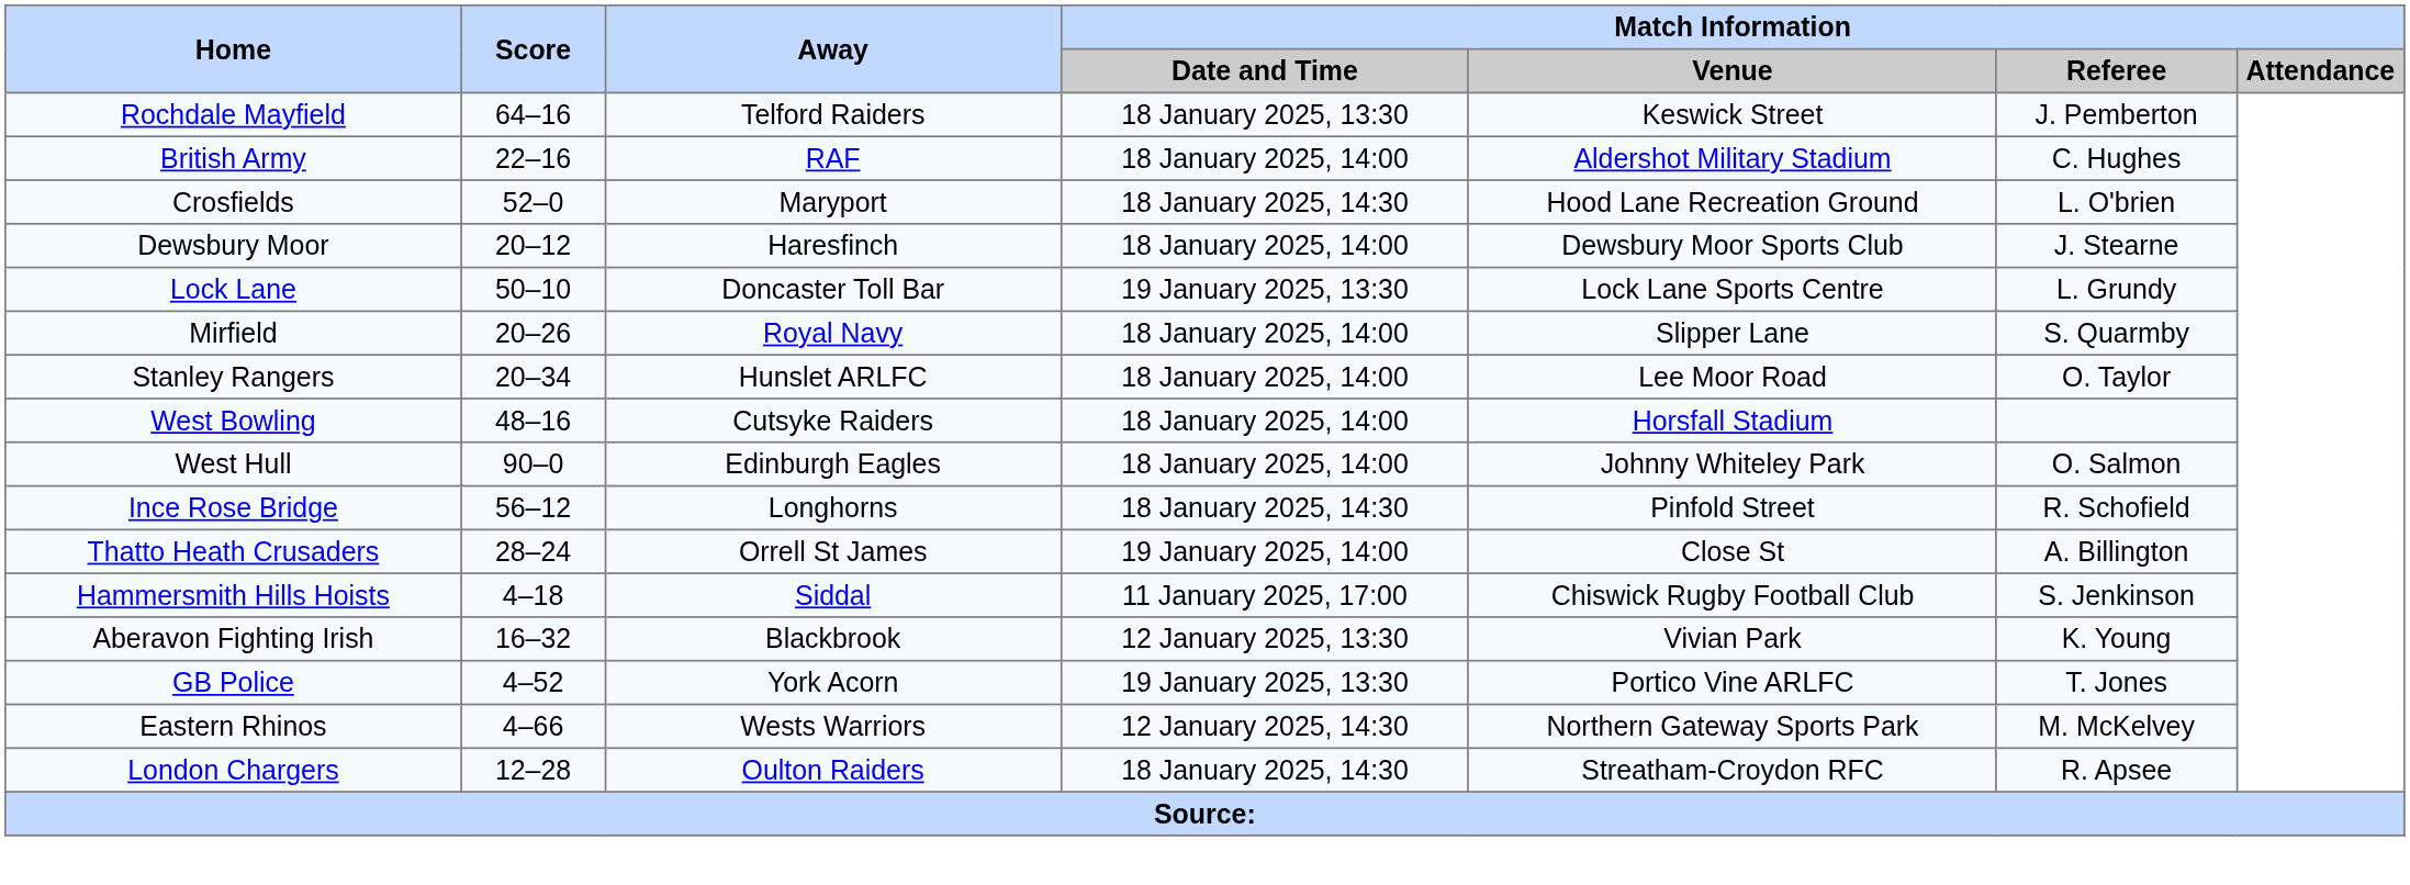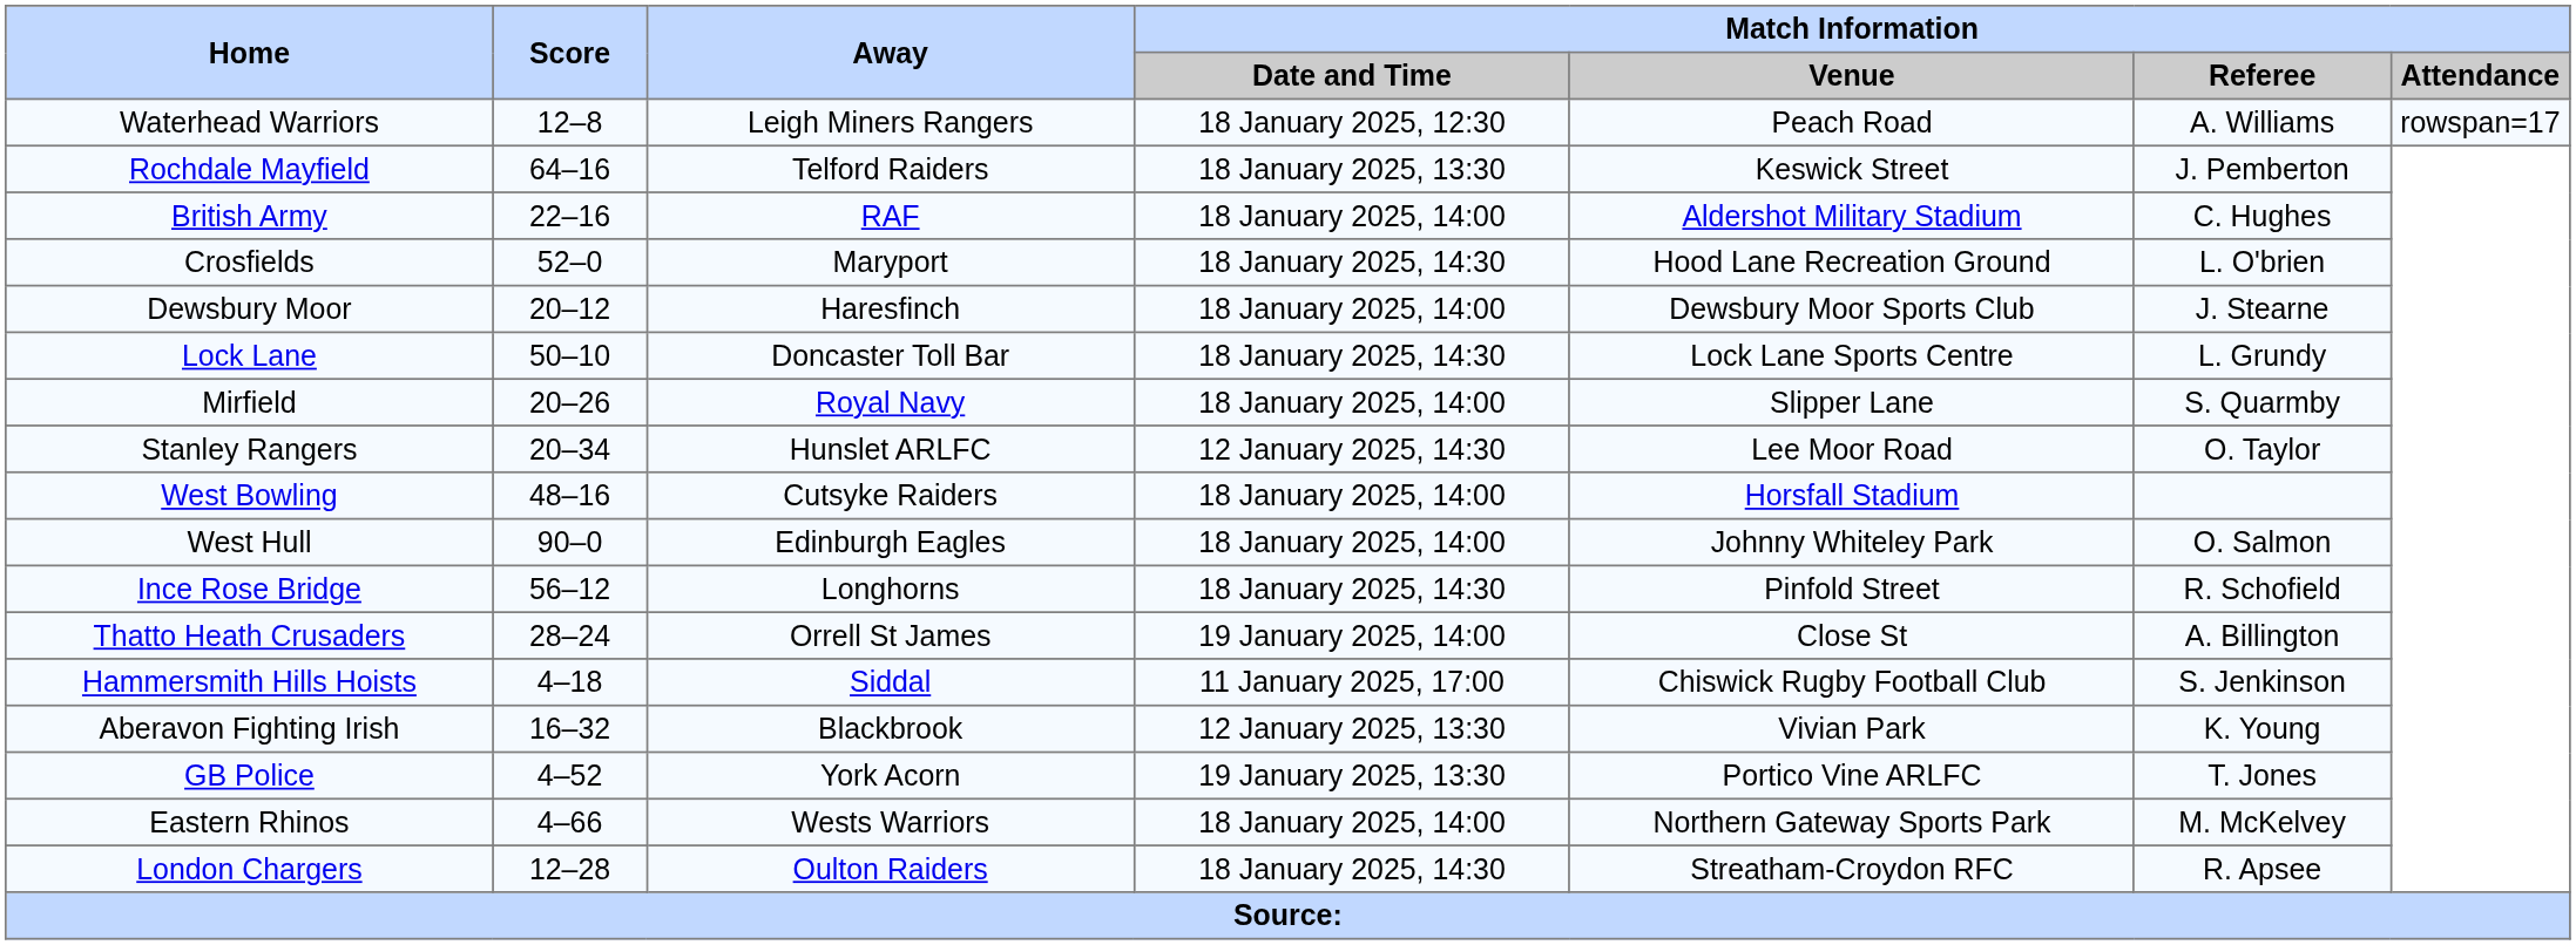 <table border=1 style="border-collapse:collapse; font-size:90%; text-align:center"; cellpadding=3 cellspacing=0 width=100%>
 <tr bgcolor="#c1d8ff">
 <th rowspan=2 width=19%>Home</th>
 <th rowspan=2 width=6%>Score</th>
 <th rowspan=2 width=19%>Away</th>
 <th colspan=4>Match Information</th>
 </tr>
 <tr bgcolor="#cccccc">
 <th width=17%>Date and Time</th>
 <th width=22%>Venue</th>
 <th width=10%>Referee</th>
 <th width=7%>Attendance</th>
+</tr>
+<tr bgcolor=#f5faff>
+<td>Waterhead Warriors</td>
+<td>12–8</td>
+<td>Leigh Miners Rangers</td>
+<td>18 January 2025, 12:30</td>
+<td>Peach Road</td>
+<td>A. Williams</td>
+<td>rowspan=17 </td>
 </tr>
 <tr bgcolor=#f5faff>
 <td><a href='#'>Rochdale Mayfield</a></td>
 <td>64–16</td>
 <td>Telford Raiders</td>
 <td>18 January 2025, 13:30</td>
 <td>Keswick Street</td>
 <td>J. Pemberton</td>
 </tr>
 <tr bgcolor=#f5faff>
 <td><a href='#'>British Army</a></td>
 <td>22–16</td>
 <td><a href='#'>RAF</a></td>
 <td>18 January 2025, 14:00</td>
 <td><a href='#'>Aldershot Military Stadium</a></td>
 <td>C. Hughes</td>
 </tr>
 <tr bgcolor=#f5faff>
 <td>Crosfields</td>
 <td>52–0</td>
 <td>Maryport</td>
 <td>18 January 2025, 14:30</td>
 <td>Hood Lane Recreation Ground</td>
 <td>L. O'brien</td>
 </tr>
 <tr bgcolor=#f5faff>
 <td>Dewsbury Moor</td>
 <td>20–12</td>
 <td>Haresfinch</td>
 <td>18 January 2025, 14:00</td>
 <td>Dewsbury Moor Sports Club</td>
 <td>J. Stearne</td>
 </tr>
 <tr bgcolor=#f5faff>
 <td><a href='#'>Lock Lane</a></td>
 <td>50–10</td>
 <td>Doncaster Toll Bar</td>
-<td>19 January 2025, 13:30</td>
+<td>18 January 2025, 14:30</td>
 <td>Lock Lane Sports Centre</td>
 <td>L. Grundy</td>
 </tr>
 <tr bgcolor=#f5faff>
 <td>Mirfield</td>
 <td>20–26</td>
 <td><a href='#'>Royal Navy</a></td>
 <td>18 January 2025, 14:00</td>
 <td>Slipper Lane</td>
 <td>S. Quarmby</td>
 </tr>
 <tr bgcolor=#f5faff>
 <td>Stanley Rangers</td>
 <td>20–34</td>
 <td>Hunslet ARLFC</td>
-<td>18 January 2025, 14:00</td>
+<td>12 January 2025, 14:30</td>
 <td>Lee Moor Road</td>
 <td>O. Taylor</td>
 </tr>
 <tr bgcolor=#f5faff>
 <td><a href='#'>West Bowling</a></td>
 <td>48–16</td>
 <td>Cutsyke Raiders</td>
 <td>18 January 2025, 14:00</td>
 <td><a href='#'>Horsfall Stadium</a></td>
 <td></td>
 </tr>
 <tr bgcolor=#f5faff>
 <td>West Hull</td>
 <td>90–0</td>
 <td>Edinburgh Eagles</td>
 <td>18 January 2025, 14:00</td>
 <td>Johnny Whiteley Park</td>
 <td>O. Salmon</td>
 </tr>
 <tr bgcolor=#f5faff>
 <td><a href='#'>Ince Rose Bridge</a></td>
 <td>56–12</td>
 <td>Longhorns</td>
 <td>18 January 2025, 14:30</td>
 <td>Pinfold Street</td>
 <td>R. Schofield</td>
 </tr>
 <tr bgcolor=#f5faff>
 <td><a href='#'>Thatto Heath Crusaders</a></td>
 <td>28–24</td>
 <td>Orrell St James</td>
 <td>19 January 2025, 14:00</td>
 <td>Close St</td>
 <td>A. Billington</td>
 </tr>
 <tr bgcolor=#f5faff>
 <td><a href='#'>Hammersmith Hills Hoists</a></td>
 <td>4–18</td>
 <td><a href='#'>Siddal</a></td>
 <td>11 January 2025, 17:00</td>
 <td>Chiswick Rugby Football Club</td>
 <td>S. Jenkinson</td>
 </tr>
 <tr bgcolor=#f5faff>
 <td>Aberavon Fighting Irish</td>
 <td>16–32</td>
 <td>Blackbrook</td>
 <td>12 January 2025, 13:30</td>
 <td>Vivian Park</td>
 <td>K. Young</td>
 </tr>
 <tr bgcolor=#f5faff>
 <td><a href='#'>GB Police</a></td>
 <td>4–52</td>
 <td>York Acorn</td>
 <td>19 January 2025, 13:30</td>
 <td>Portico Vine ARLFC</td>
 <td>T. Jones</td>
 </tr>
 <tr bgcolor=#f5faff>
 <td>Eastern Rhinos</td>
 <td>4–66</td>
 <td>Wests Warriors</td>
-<td>12 January 2025, 14:30</td>
+<td>18 January 2025, 14:00</td>
 <td>Northern Gateway Sports Park</td>
 <td>M. McKelvey</td>
 </tr>
 <tr bgcolor=#f5faff>
 <td><a href='#'>London Chargers</a></td>
 <td>12–28</td>
 <td><a href='#'>Oulton Raiders</a></td>
 <td>18 January 2025, 14:30</td>
 <td>Streatham-Croydon RFC</td>
 <td>R. Apsee</td>
 </tr>
 <tr style="background:#c1d8ff;">
 <th colspan=7>Source:</th>
 </tr>
 </table>
